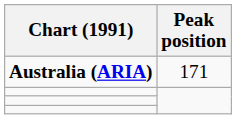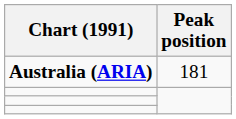 <table class="wikitable sortable plainrowheaders">
 <tr>
 <th scope="col">Chart (1991)</th>
 <th scope="col">Peak<br>position</th>
 </tr>
 <tr>
 <td><strong>Australia (<a href='#'>ARIA</a>)</strong></td>
-<td align="center">171</td>
+<td align="center">181</td>
 </tr>
 <tr>
 <td></td>
 </tr>
 <tr>
 <td></td>
 </tr>
 <tr>
 <td></td>
 </tr>
 </table>
